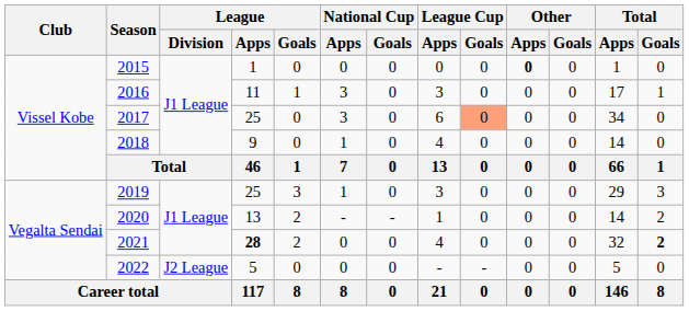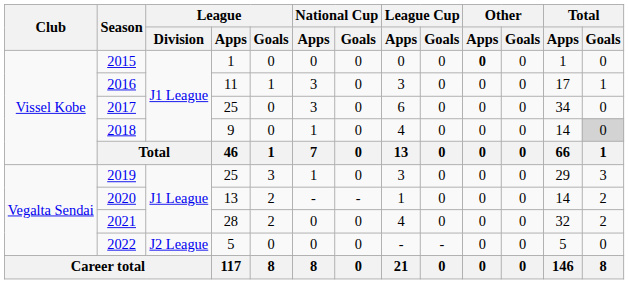 <table class="wikitable" style="text-align: center">
 <tr>
 <th rowspan="2">Club</th>
 <th rowspan="2">Season</th>
 <th colspan="3">League</th>
 <th colspan="2">National Cup</th>
 <th colspan="2">League Cup</th>
 <th colspan="2">Other</th>
 <th colspan="2">Total</th>
 </tr>
 <tr>
 <th>Division</th>
 <th>Apps</th>
 <th>Goals</th>
 <th>Apps</th>
 <th>Goals</th>
 <th>Apps</th>
 <th>Goals</th>
 <th>Apps</th>
 <th>Goals</th>
 <th>Apps</th>
 <th>Goals</th>
 </tr>
 <tr>
 <td rowspan="5"><a href='#'>Vissel Kobe</a></td>
 <td><a href='#'>2015</a></td>
 <td rowspan="4"><a href='#'>J1 League</a></td>
 <td>1</td>
 <td>0</td>
 <td>0</td>
 <td>0</td>
 <td>0</td>
 <td>0</td>
 <td><strong>0</strong></td>
 <td>0</td>
 <td>1</td>
 <td>0</td>
 </tr>
 <tr>
 <td><a href='#'>2016</a></td>
 <td>11</td>
 <td>1</td>
 <td>3</td>
 <td>0</td>
 <td>3</td>
 <td>0</td>
 <td>0</td>
 <td>0</td>
 <td>17</td>
 <td>1</td>
 </tr>
 <tr>
 <td><a href='#'>2017</a></td>
 <td>25</td>
 <td>0</td>
 <td>3</td>
 <td>0</td>
 <td>6</td>
-<td style="background: lightsalmon;">0</td>
+<td>0</td>
 <td>0</td>
 <td>0</td>
 <td>34</td>
 <td>0</td>
 </tr>
 <tr>
 <td><a href='#'>2018</a></td>
 <td>9</td>
 <td>0</td>
 <td>1</td>
 <td>0</td>
 <td>4</td>
 <td>0</td>
 <td>0</td>
 <td>0</td>
 <td>14</td>
-<td>0</td>
+<td style="background: lightgrey;">0</td>
 </tr>
 <tr>
 <th colspan="2">Total</th>
 <th>46</th>
 <th>1</th>
 <th>7</th>
 <th>0</th>
 <th>13</th>
 <th>0</th>
 <th>0</th>
 <th>0</th>
 <th>66</th>
 <th>1</th>
 </tr>
 <tr>
 <td rowspan="4"><a href='#'>Vegalta Sendai</a></td>
 <td><a href='#'>2019</a></td>
 <td rowspan="3"><a href='#'>J1 League</a></td>
 <td>25</td>
 <td>3</td>
 <td>1</td>
 <td>0</td>
 <td>3</td>
 <td>0</td>
 <td>0</td>
 <td>0</td>
 <td>29</td>
 <td>3</td>
 </tr>
 <tr>
 <td><a href='#'>2020</a></td>
 <td>13</td>
 <td>2</td>
 <td>-</td>
 <td>-</td>
 <td>1</td>
 <td>0</td>
 <td>0</td>
 <td>0</td>
 <td>14</td>
 <td>2</td>
 </tr>
 <tr>
 <td><a href='#'>2021</a></td>
-<td><strong>28</strong></td>
+<td>28</td>
 <td>2</td>
 <td>0</td>
 <td>0</td>
 <td>4</td>
 <td>0</td>
 <td>0</td>
 <td>0</td>
 <td>32</td>
-<td><strong>2</strong></td>
+<td>2</td>
 </tr>
 <tr>
 <td><a href='#'>2022</a></td>
 <td><a href='#'>J2 League</a></td>
 <td>5</td>
 <td>0</td>
 <td>0</td>
 <td>0</td>
 <td>-</td>
 <td>-</td>
 <td>0</td>
 <td>0</td>
 <td>5</td>
 <td>0</td>
 </tr>
 <tr>
 <th colspan="3">Career total</th>
 <th>117</th>
 <th>8</th>
 <th>8</th>
 <th>0</th>
 <th>21</th>
 <th>0</th>
 <th>0</th>
 <th>0</th>
 <th>146</th>
 <th>8</th>
 </tr>
 </table>
